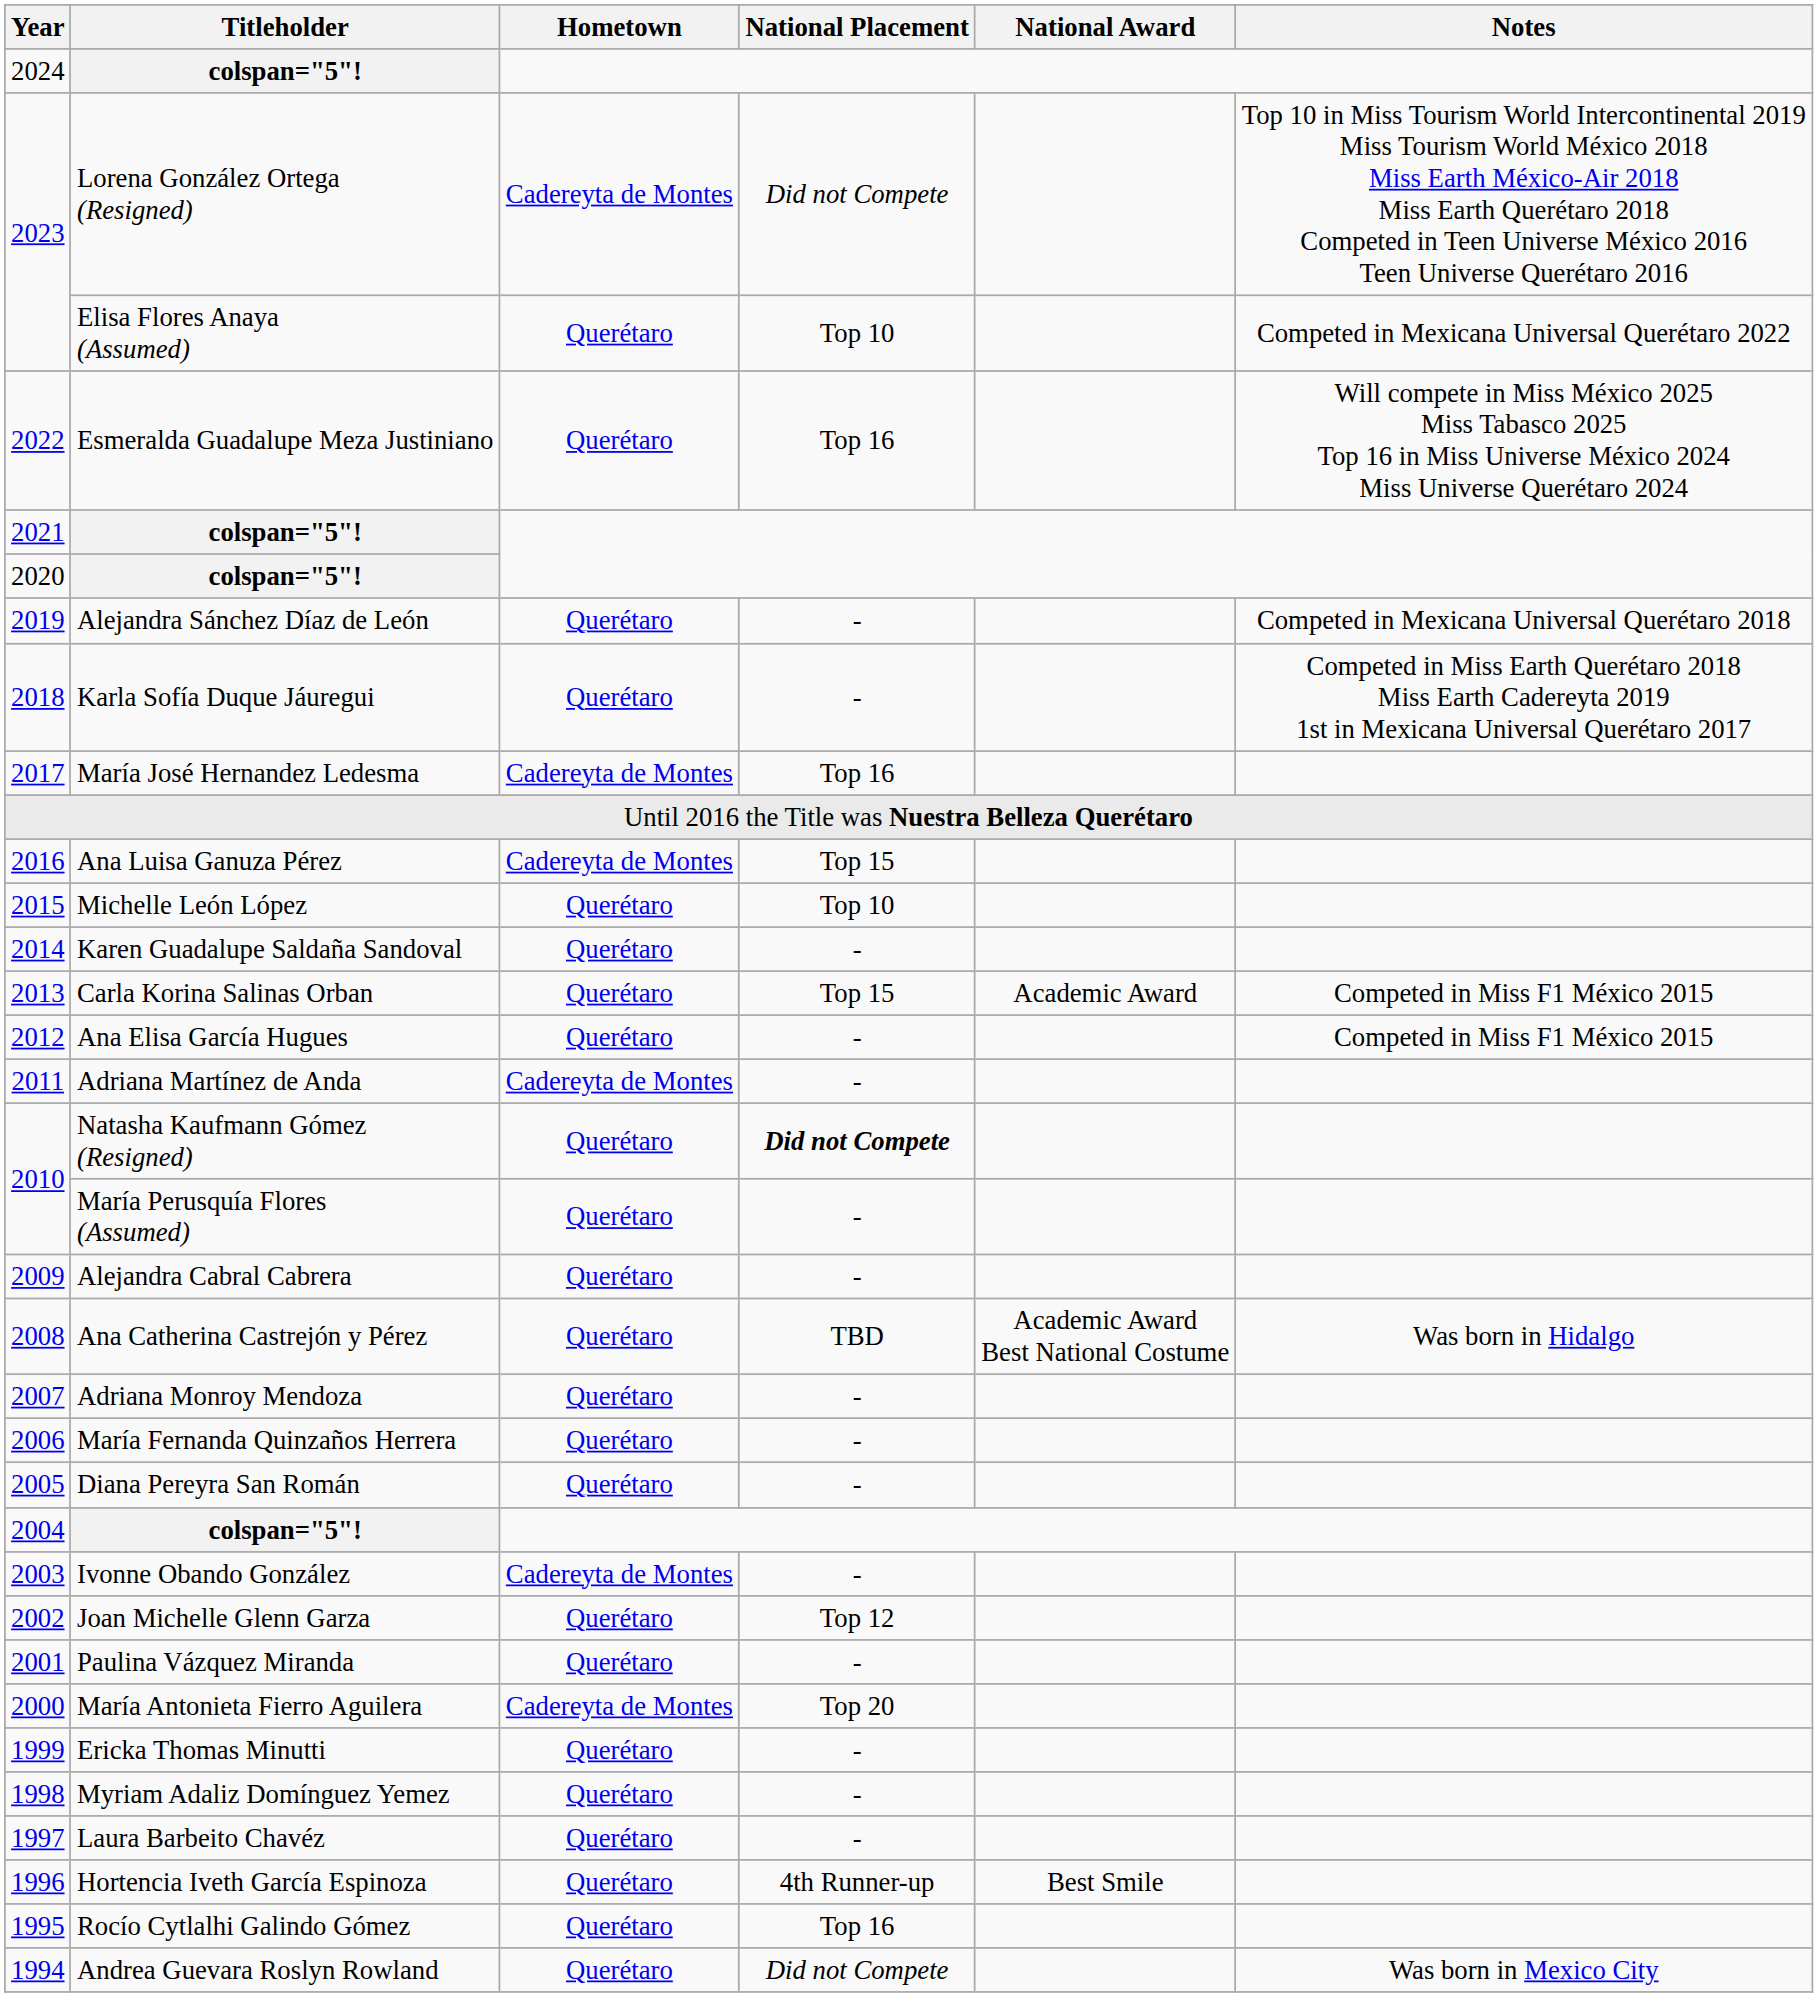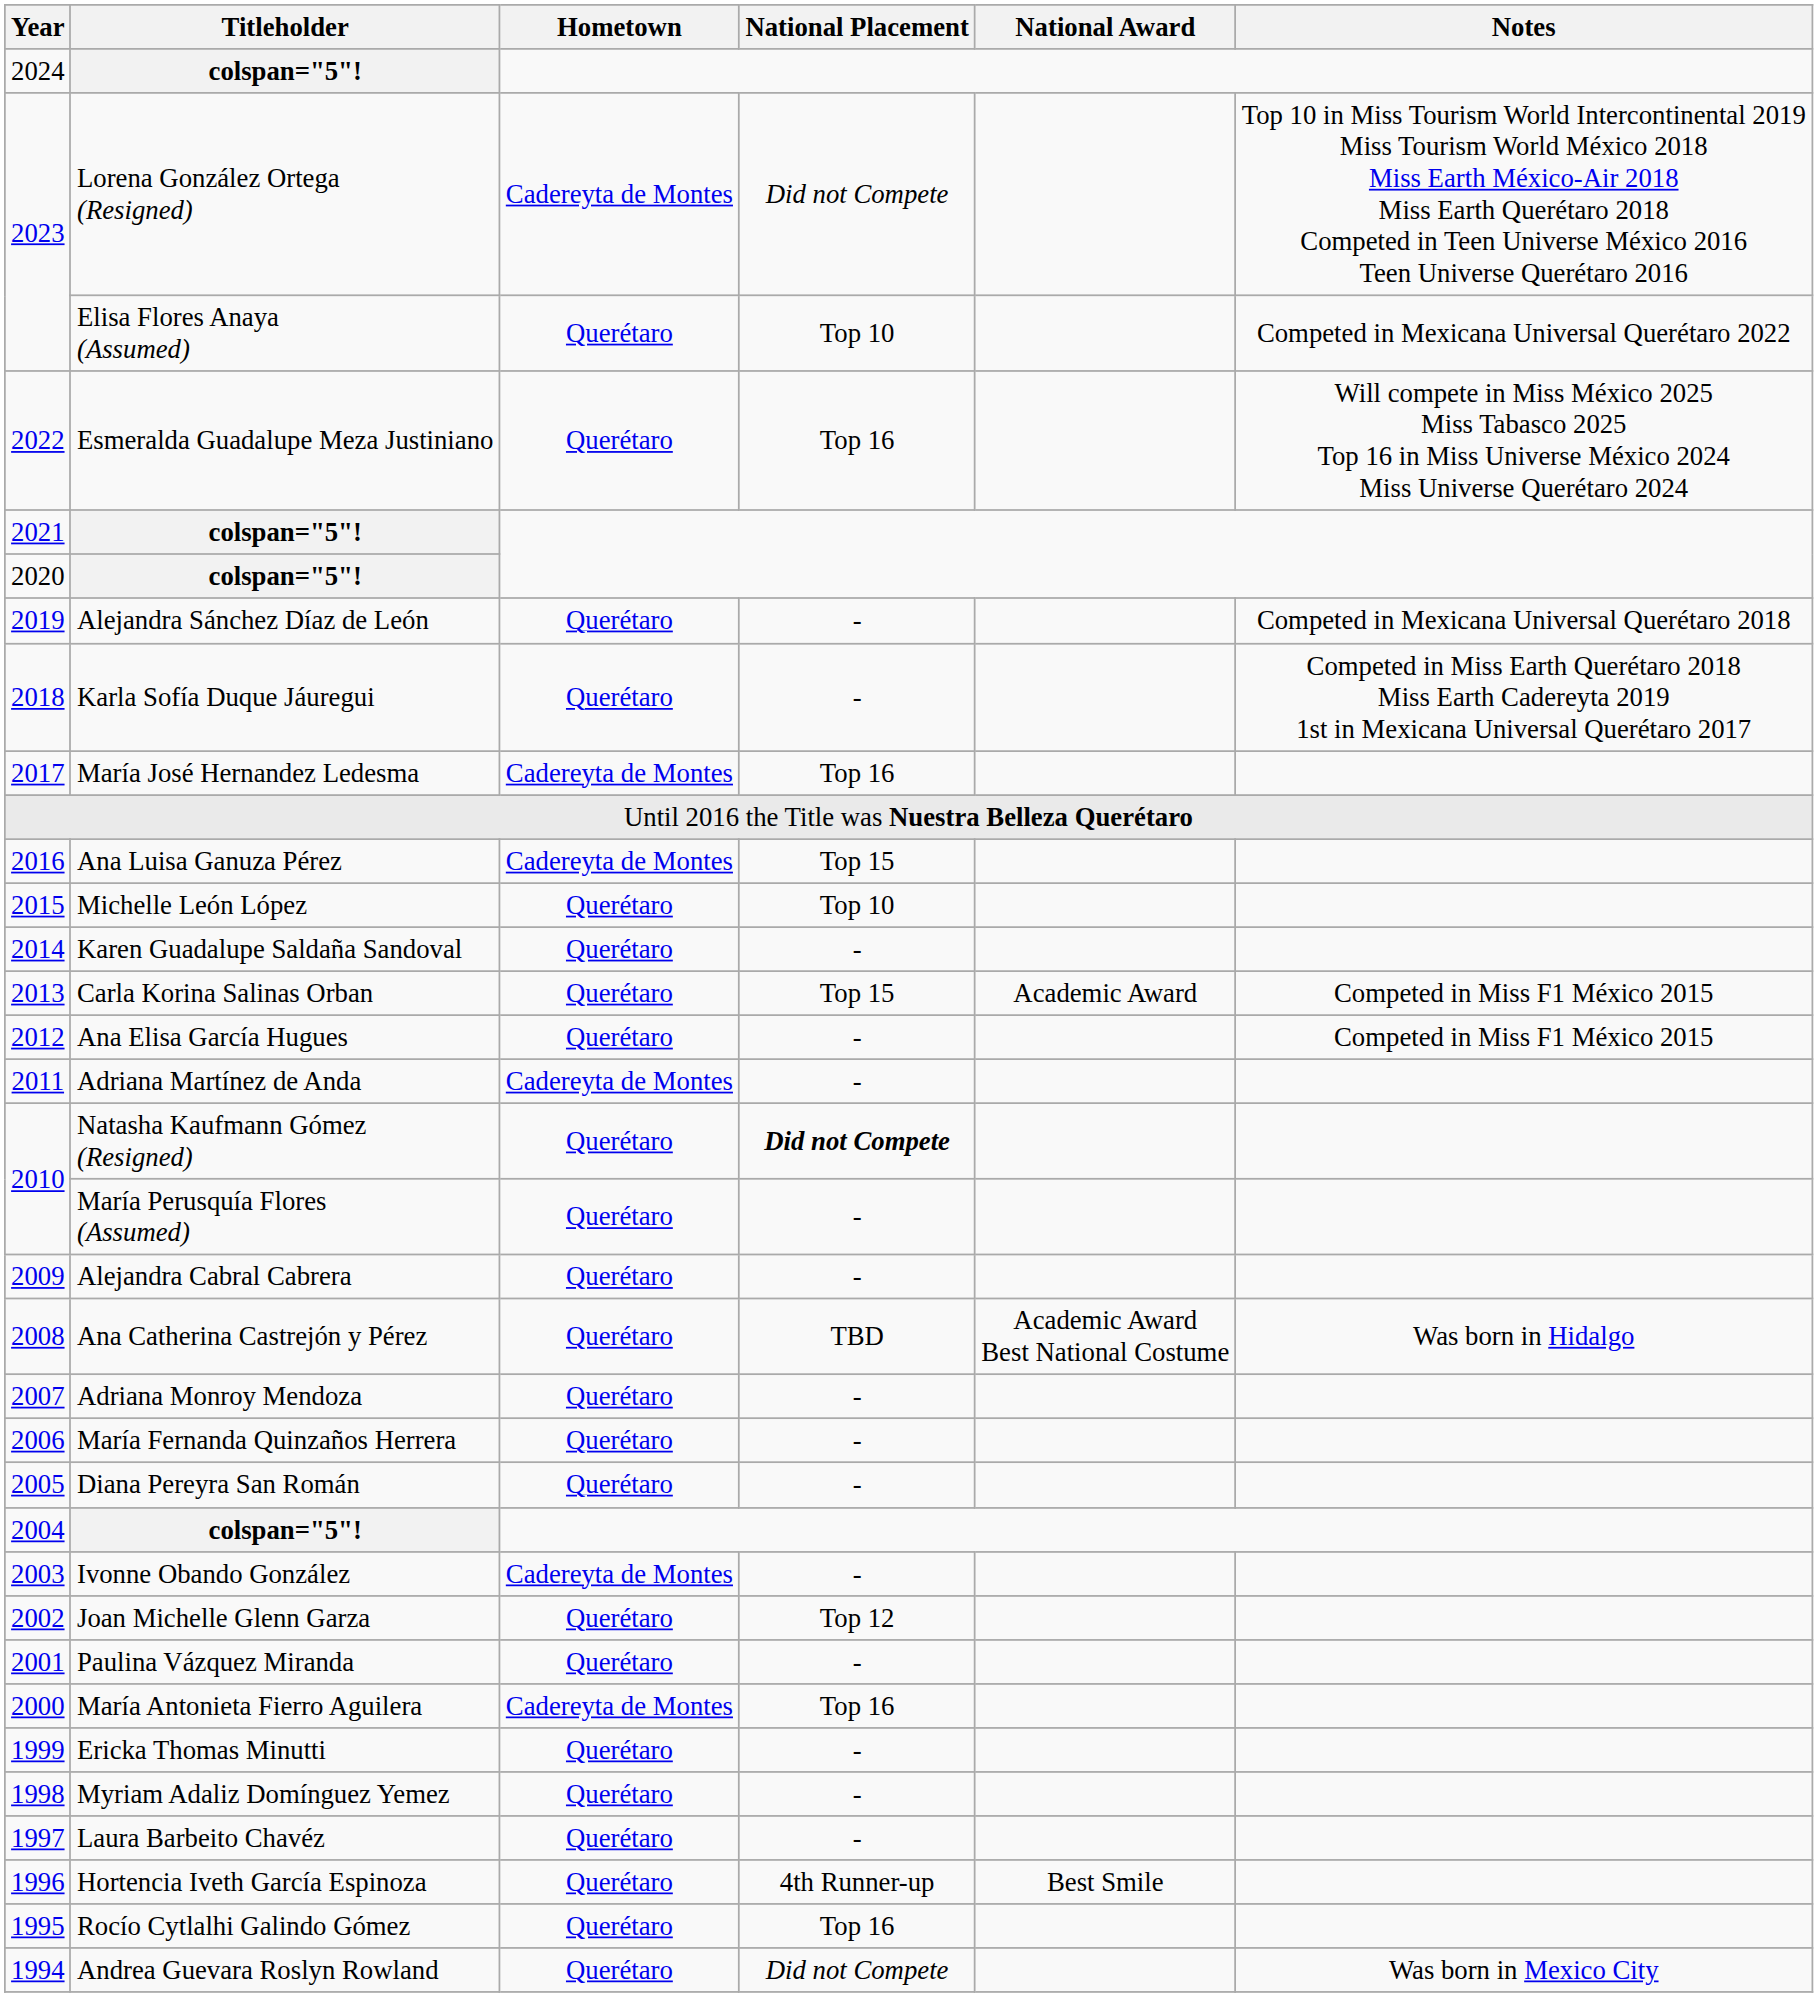 <table class="wikitable sortable" style="font-size: 95%;">
 <tr>
 <th>Year</th>
 <th>Titleholder</th>
 <th>Hometown</th>
 <th>National Placement</th>
 <th>National Award</th>
 <th>Notes</th>
 </tr>
 <tr>
 <td align="center">2024</td>
 <th>colspan="5"!</th>
 </tr>
 <tr>
 <td rowspan=2 align="center"><a href='#'>2023</a></td>
 <td>Lorena González Ortega<br><em>(Resigned)</em></td>
 <td align="center"><a href='#'>Cadereyta de Montes</a></td>
 <td align="center"><em>Did not Compete</em></td>
 <td align="center"></td>
 <td align="center">Top 10 in Miss Tourism World Intercontinental 2019<br>Miss Tourism World México 2018<br><a href='#'>Miss Earth México-Air 2018</a><br>Miss Earth Querétaro 2018<br>Competed in Teen Universe México 2016<br>Teen Universe Querétaro 2016</td>
 </tr>
 <tr>
 <td>Elisa Flores Anaya<br><em>(Assumed)</em></td>
 <td align="center"><a href='#'>Querétaro</a></td>
 <td align="center">Top 10</td>
 <td align="center"></td>
 <td align="center">Competed in Mexicana Universal Querétaro 2022</td>
 </tr>
 <tr>
 <td align="center"><a href='#'>2022</a></td>
 <td>Esmeralda Guadalupe Meza Justiniano</td>
 <td align="center"><a href='#'>Querétaro</a></td>
 <td align="center">Top 16</td>
 <td align="center"></td>
 <td align="center">Will compete in Miss México 2025<br>Miss Tabasco 2025<br>Top 16 in Miss Universe México 2024<br>Miss Universe Querétaro 2024</td>
 </tr>
 <tr>
 <td align="center"><a href='#'>2021</a></td>
 <th>colspan="5"!</th>
 </tr>
 <tr>
 <td align="center">2020</td>
 <th>colspan="5"!</th>
 </tr>
 <tr>
 <td align="center"><a href='#'>2019</a></td>
 <td>Alejandra Sánchez Díaz de León</td>
 <td align="center"><a href='#'>Querétaro</a></td>
 <td align="center">-</td>
 <td align="center"></td>
 <td align="center">Competed in Mexicana Universal Querétaro 2018</td>
 </tr>
 <tr>
 <td align="center"><a href='#'>2018</a></td>
 <td>Karla Sofía Duque Jáuregui</td>
 <td align="center"><a href='#'>Querétaro</a></td>
 <td align="center">-</td>
 <td align="center"></td>
 <td align="center">Competed in Miss Earth Querétaro 2018<br>Miss Earth Cadereyta 2019<br>1st in Mexicana Universal Querétaro 2017</td>
 </tr>
 <tr>
 <td align="center"><a href='#'>2017</a></td>
 <td>María José Hernandez Ledesma</td>
 <td align="center"><a href='#'>Cadereyta de Montes</a></td>
 <td align="center">Top 16</td>
 <td align="center"></td>
 <td align="center"></td>
 </tr>
 <tr>
 <td colspan="6" bgcolor="#EAEAEA" style="text-align:center;">Until 2016 the Title was <strong>Nuestra Belleza Querétaro</strong></td>
 </tr>
 <tr>
 <td align="center"><a href='#'>2016</a></td>
 <td>Ana Luisa Ganuza Pérez</td>
 <td align="center"><a href='#'>Cadereyta de Montes</a></td>
 <td align="center">Top 15</td>
 <td align="center"></td>
 <td align="center"></td>
 </tr>
 <tr>
 <td align="center"><a href='#'>2015</a></td>
 <td>Michelle León López</td>
 <td align="center"><a href='#'>Querétaro</a></td>
 <td align="center">Top 10</td>
 <td align="center"></td>
 <td align="center"></td>
 </tr>
 <tr>
 <td align="center"><a href='#'>2014</a></td>
 <td>Karen Guadalupe Saldaña Sandoval</td>
 <td align="center"><a href='#'>Querétaro</a></td>
 <td align="center">-</td>
 <td align="center"></td>
 <td align="center"></td>
 </tr>
 <tr>
 <td align="center"><a href='#'>2013</a></td>
 <td>Carla Korina Salinas Orban</td>
 <td align="center"><a href='#'>Querétaro</a></td>
 <td align="center">Top 15</td>
 <td align="center">Academic Award</td>
 <td align="center">Competed in Miss F1 México 2015</td>
 </tr>
 <tr>
 <td align="center"><a href='#'>2012</a></td>
 <td>Ana Elisa García Hugues</td>
 <td align="center"><a href='#'>Querétaro</a></td>
 <td align="center">-</td>
 <td align="center"></td>
 <td align="center">Competed in Miss F1 México 2015</td>
 </tr>
 <tr>
 <td align="center"><a href='#'>2011</a></td>
 <td>Adriana Martínez de Anda</td>
 <td align="center"><a href='#'>Cadereyta de Montes</a></td>
 <td align="center">-</td>
 <td align="center"></td>
 <td align="center"></td>
 </tr>
 <tr>
 <td rowspan=2 align="center"><a href='#'>2010</a></td>
 <td>Natasha Kaufmann Gómez<br><em>(Resigned)</em></td>
 <td align="center"><a href='#'>Querétaro</a></td>
 <td align="center"><strong><em>Did not Compete</em></strong></td>
 <td align="center"></td>
 <td align="center"></td>
 </tr>
 <tr>
 <td>María Perusquía Flores<br><em>(Assumed)</em></td>
 <td align="center"><a href='#'>Querétaro</a></td>
 <td align="center">-</td>
 <td align="center"></td>
 <td align="center"></td>
 </tr>
 <tr>
 <td align="center"><a href='#'>2009</a></td>
 <td>Alejandra Cabral Cabrera</td>
 <td align="center"><a href='#'>Querétaro</a></td>
 <td align="center">-</td>
 <td align="center"></td>
 <td align="center"></td>
 </tr>
 <tr>
 <td align="center"><a href='#'>2008</a></td>
 <td>Ana Catherina Castrejón y Pérez</td>
 <td align="center"><a href='#'>Querétaro</a></td>
 <td align="center">TBD</td>
 <td align="center">Academic Award<br>Best National Costume</td>
 <td align="center">Was born in <a href='#'>Hidalgo</a></td>
 </tr>
 <tr>
 <td align="center"><a href='#'>2007</a></td>
 <td>Adriana Monroy Mendoza</td>
 <td align="center"><a href='#'>Querétaro</a></td>
 <td align="center">-</td>
 <td align="center"></td>
 <td align="center"></td>
 </tr>
 <tr>
 <td align="center"><a href='#'>2006</a></td>
 <td>María Fernanda Quinzaños Herrera</td>
 <td align="center"><a href='#'>Querétaro</a></td>
 <td align="center">-</td>
 <td align="center"></td>
 <td align="center"></td>
 </tr>
 <tr>
 <td align="center"><a href='#'>2005</a></td>
 <td>Diana Pereyra San Román</td>
 <td align="center"><a href='#'>Querétaro</a></td>
 <td align="center">-</td>
 <td align="center"></td>
 <td align="center"></td>
 </tr>
 <tr>
 <td align="center"><a href='#'>2004</a></td>
 <th>colspan="5"!</th>
 </tr>
 <tr>
 <td align="center"><a href='#'>2003</a></td>
 <td>Ivonne Obando González</td>
 <td align="center"><a href='#'>Cadereyta de Montes</a></td>
 <td align="center">-</td>
 <td align="center"></td>
 <td align="center"></td>
 </tr>
 <tr>
 <td align="center"><a href='#'>2002</a></td>
 <td>Joan Michelle Glenn Garza</td>
 <td align="center"><a href='#'>Querétaro</a></td>
 <td align="center">Top 12</td>
 <td align="center"></td>
 <td align="center"></td>
 </tr>
 <tr>
 <td align="center"><a href='#'>2001</a></td>
 <td>Paulina Vázquez Miranda</td>
 <td align="center"><a href='#'>Querétaro</a></td>
 <td align="center">-</td>
 <td align="center"></td>
 <td align="center"></td>
 </tr>
 <tr>
 <td align="center"><a href='#'>2000</a></td>
 <td>María Antonieta Fierro Aguilera</td>
 <td align="center"><a href='#'>Cadereyta de Montes</a></td>
-<td align="center">Top 20</td>
+<td align="center">Top 16</td>
 <td align="center"></td>
 <td align="center"></td>
 </tr>
 <tr>
 <td align="center"><a href='#'>1999</a></td>
 <td>Ericka Thomas Minutti</td>
 <td align="center"><a href='#'>Querétaro</a></td>
 <td align="center">-</td>
 <td align="center"></td>
 <td align="center"></td>
 </tr>
 <tr>
 <td align="center"><a href='#'>1998</a></td>
 <td>Myriam Adaliz Domínguez Yemez</td>
 <td align="center"><a href='#'>Querétaro</a></td>
 <td align="center">-</td>
 <td align="center"></td>
 <td align="center"></td>
 </tr>
 <tr>
 <td align="center"><a href='#'>1997</a></td>
 <td>Laura Barbeito Chavéz</td>
 <td align="center"><a href='#'>Querétaro</a></td>
 <td align="center">-</td>
 <td align="center"></td>
 <td align="center"></td>
 </tr>
 <tr>
 <td align="center"><a href='#'>1996</a></td>
 <td>Hortencia Iveth García Espinoza</td>
 <td align="center"><a href='#'>Querétaro</a></td>
 <td align="center">4th Runner-up</td>
 <td align="center">Best Smile</td>
 <td align="center"></td>
 </tr>
 <tr>
 <td align="center"><a href='#'>1995</a></td>
 <td>Rocío Cytlalhi Galindo Gómez</td>
 <td align="center"><a href='#'>Querétaro</a></td>
 <td align="center">Top 16</td>
 <td align="center"></td>
 <td align="center"></td>
 </tr>
 <tr>
 <td align="center"><a href='#'>1994</a></td>
 <td>Andrea Guevara Roslyn Rowland</td>
 <td align="center"><a href='#'>Querétaro</a></td>
 <td align="center"><em>Did not Compete</em></td>
 <td align="center"></td>
 <td align="center">Was born in <a href='#'>Mexico City</a></td>
 </tr>
 </table>
